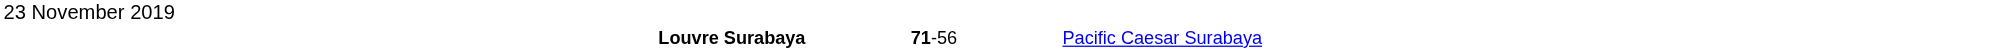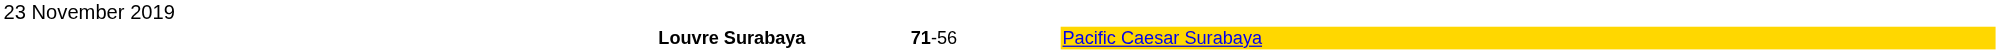 <table cellspacing="1" style="width:100%;">
 <tr>
 <td>23 November 2019</td>
 </tr>
 <tr style="font-size:90%">
 <td align="right"><strong>Louvre Surabaya</strong></td>
 <td></td>
 <td align="center"><strong>71</strong>-56</td>
 <td></td>
-<td><a href='#'>Pacific Caesar Surabaya</a></td>
+<td style="background: gold;"><a href='#'>Pacific Caesar Surabaya</a></td>
 </tr>
 </table>
